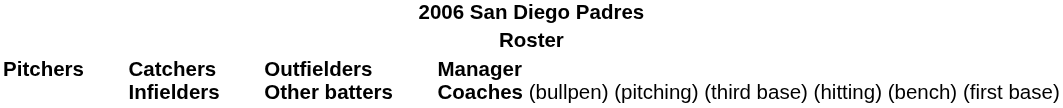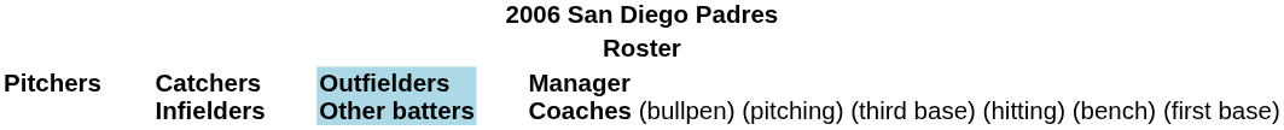 <table class="toccolours" style="font-size: 95%;">
 <tr>
 <th colspan="10" style="text-align:center; ">2006 San Diego Padres</th>
 </tr>
 <tr>
 <td colspan="10" style="text-align:center; "><strong>Roster</strong></td>
 </tr>
 <tr>
 <td valign="top"><strong>Pitchers</strong><br>                     </td>
 <td width="25px"></td>
 <td valign="top"><strong>Catchers</strong><br>    <strong>Infielders</strong>         </td>
 <td width="25px"></td>
-<td valign="top"><strong>Outfielders</strong><br>        <strong>Other batters</strong>   </td>
+<td valign="top" style="background: lightblue;"><strong>Outfielders</strong><br>        <strong>Other batters</strong>   </td>
 <td width="25px"></td>
 <td valign="top"><strong>Manager</strong><br> <strong>Coaches</strong>  (bullpen)  (pitching)  (third base)  (hitting)  (bench)   (first base)</td>
 </tr>
 </table>
